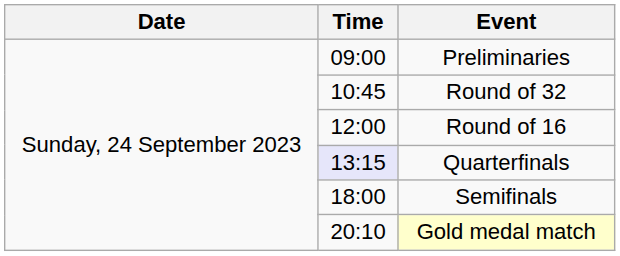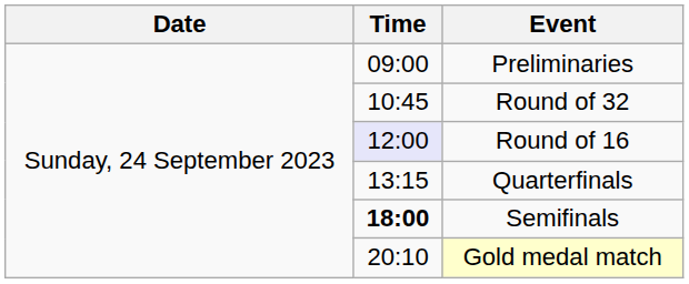 <table class = "wikitable" style="text-align:center;">
 <tr>
 <th width=220>Date</th>
 <th width=50>Time</th>
 <th width=150>Event</th>
 </tr>
 <tr>
 <td rowspan=6>Sunday, 24 September 2023</td>
 <td>09:00</td>
 <td>Preliminaries</td>
 </tr>
 <tr>
 <td>10:45</td>
 <td>Round of 32</td>
 </tr>
 <tr>
-<td>12:00</td>
+<td style="background: lavender;">12:00</td>
 <td>Round of 16</td>
 </tr>
 <tr>
-<td style="background: lavender;">13:15</td>
+<td>13:15</td>
 <td>Quarterfinals</td>
 </tr>
 <tr>
-<td>18:00</td>
+<td><strong>18:00</strong></td>
 <td>Semifinals</td>
 </tr>
 <tr>
 <td>20:10</td>
 <td bgcolor=ffffcc>Gold medal match</td>
 </tr>
 </table>
